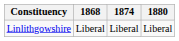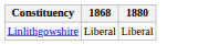 <table class="wikitable">
 <tr>
 <th>Constituency</th>
 <th>1868</th>
-<th>1874</th>
 <th>1880</th>
 </tr>
 <tr>
 <td><a href='#'>Linlithgowshire</a></td>
 <td>Liberal</td>
 <td>Liberal</td>
-<td>Liberal</td>
 </tr>
 </table>
